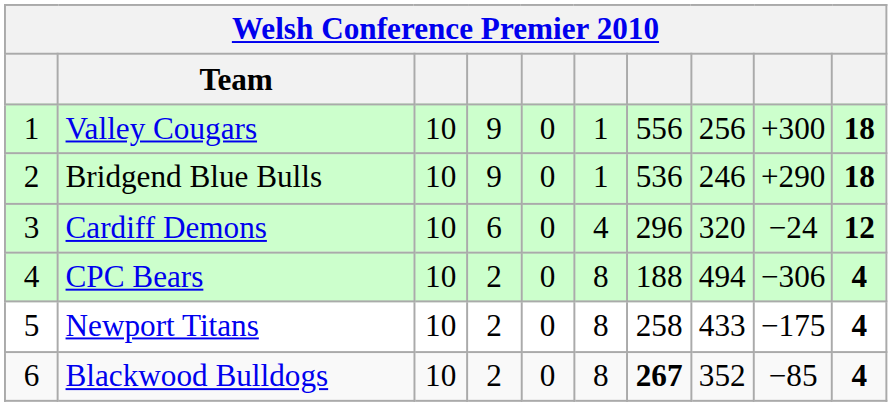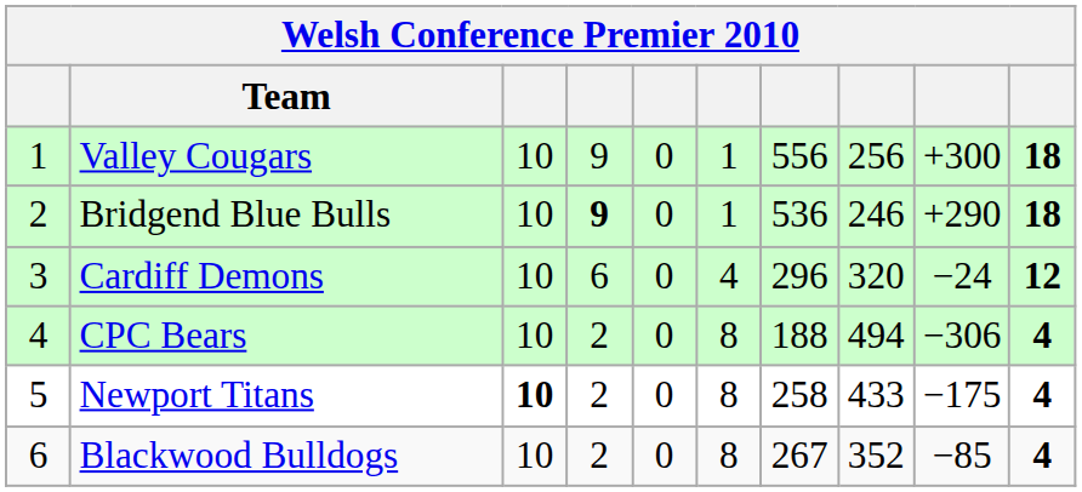 <table class="wikitable" style="text-align:center;">
 <tr>
 <th colspan="11"><a href='#'>Welsh Conference Premier 2010</a></th>
 </tr>
 <tr>
 <th width="20"></th>
 <th width="175">Team</th>
 <th width="20"></th>
 <th width="20"></th>
 <th width="20"></th>
 <th width="20"></th>
 <th width="25"></th>
 <th width="25"></th>
 <th width="25"></th>
 <th width="20"></th>
 </tr>
 <tr align=center style="background:#ccffcc;">
 <td>1</td>
 <td style="text-align:left;"><a href='#'>Valley Cougars</a></td>
 <td>10</td>
 <td>9</td>
 <td>0</td>
 <td>1</td>
 <td>556</td>
 <td>256</td>
 <td>+300</td>
 <td><strong>18</strong></td>
 </tr>
 <tr align=center style="background:#ccffcc;">
 <td>2</td>
 <td style="text-align:left;">Bridgend Blue Bulls</td>
 <td>10</td>
-<td>9</td>
+<td><strong>9</strong></td>
 <td>0</td>
 <td>1</td>
 <td>536</td>
 <td>246</td>
 <td>+290</td>
 <td><strong>18</strong></td>
 </tr>
 <tr align=center style="background:#ccffcc;">
 <td>3</td>
 <td style="text-align:left;"><a href='#'>Cardiff Demons</a></td>
 <td>10</td>
 <td>6</td>
 <td>0</td>
 <td>4</td>
 <td>296</td>
 <td>320</td>
 <td>−24</td>
 <td><strong>12</strong></td>
 </tr>
 <tr align=center style="background:#ccffcc;">
 <td>4</td>
 <td style="text-align:left"><a href='#'>CPC Bears</a></td>
 <td>10</td>
 <td>2</td>
 <td>0</td>
 <td>8</td>
 <td>188</td>
 <td>494</td>
 <td>−306</td>
 <td><strong>4</strong></td>
 </tr>
 <tr align=center style="background:white;">
 <td>5</td>
 <td style="text-align:left;"><a href='#'>Newport Titans</a></td>
-<td>10</td>
+<td><strong>10</strong></td>
 <td>2</td>
 <td>0</td>
 <td>8</td>
 <td>258</td>
 <td>433</td>
 <td>−175</td>
 <td><strong>4</strong></td>
 </tr>
 <tr align=center style="background:#white;">
 <td>6</td>
 <td style="text-align:left;"><a href='#'>Blackwood Bulldogs</a></td>
 <td>10</td>
 <td>2</td>
 <td>0</td>
 <td>8</td>
-<td><strong>267</strong></td>
+<td>267</td>
 <td>352</td>
 <td>−85</td>
 <td><strong>4</strong></td>
 </tr>
 </table>
